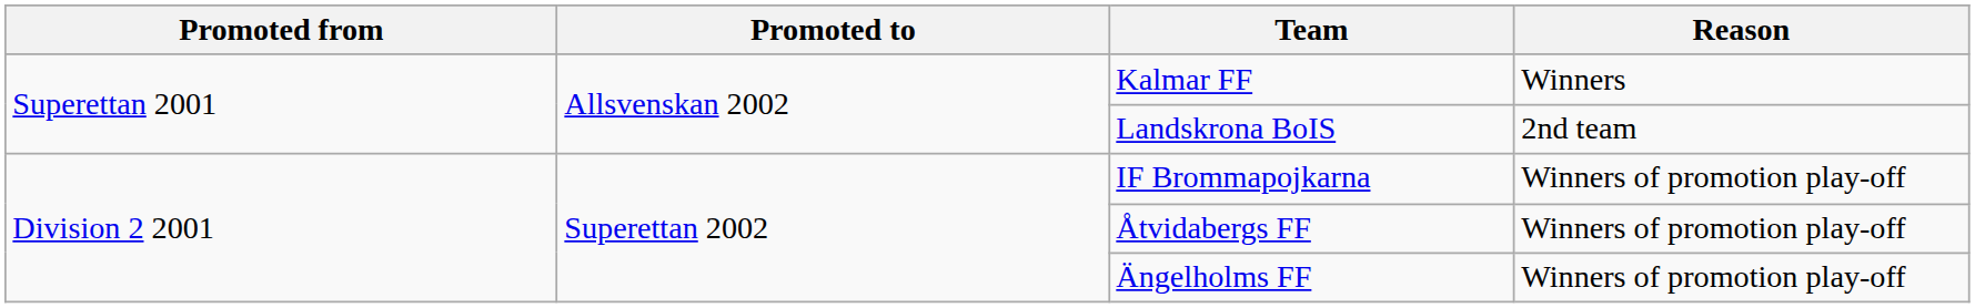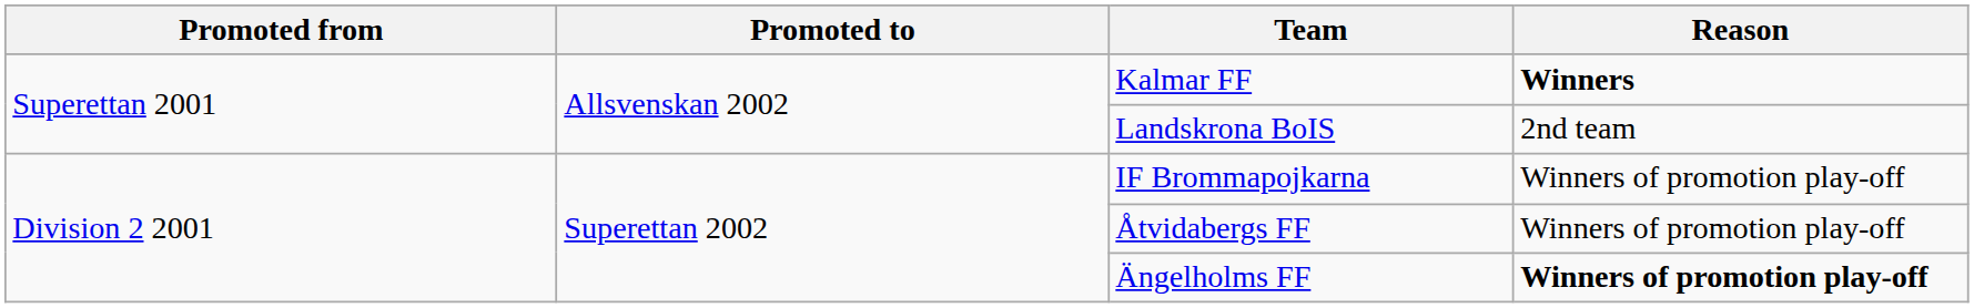 <table class="wikitable" style="text-align: left;">
 <tr>
 <th style="width: 275px;">Promoted from</th>
 <th style="width: 275px;">Promoted to</th>
 <th style="width: 200px;">Team</th>
 <th style="width: 225px;">Reason</th>
 </tr>
 <tr>
 <td rowspan=2><a href='#'>Superettan</a> 2001</td>
 <td rowspan=2><a href='#'>Allsvenskan</a> 2002</td>
 <td><a href='#'>Kalmar FF</a></td>
-<td>Winners</td>
+<td><strong>Winners</strong></td>
 </tr>
 <tr>
 <td><a href='#'>Landskrona BoIS</a></td>
 <td>2nd team</td>
 </tr>
 <tr>
 <td rowspan=3><a href='#'>Division 2</a> 2001</td>
 <td rowspan=3><a href='#'>Superettan</a> 2002</td>
 <td><a href='#'>IF Brommapojkarna</a></td>
 <td>Winners of promotion play-off</td>
 </tr>
 <tr>
 <td><a href='#'>Åtvidabergs FF</a></td>
 <td>Winners of promotion play-off</td>
 </tr>
 <tr>
 <td><a href='#'>Ängelholms FF</a></td>
-<td>Winners of promotion play-off</td>
+<td><strong>Winners of promotion play-off</strong></td>
 </tr>
 </table>
